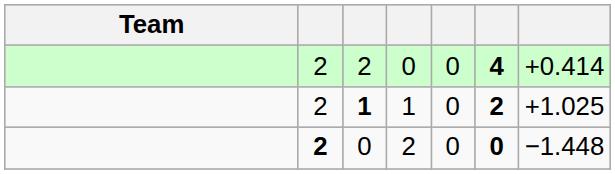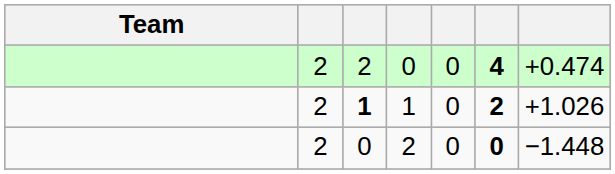 <table class="wikitable" style="text-align:center;">
 <tr>
 <th width=175>Team</th>
 <th style="width:20px;"></th>
 <th style="width:20px;"></th>
 <th style="width:20px;"></th>
 <th style="width:20px;"></th>
 <th style="width:20px;"></th>
 <th style="width:20px;"></th>
 </tr>
 <tr style="background:#cfc">
 <td align=left></td>
 <td>2</td>
 <td>2</td>
 <td>0</td>
 <td>0</td>
 <td><strong>4</strong></td>
-<td>+0.414</td>
+<td>+0.474</td>
 </tr>
 <tr>
 <td align=left></td>
 <td>2</td>
 <td><strong>1</strong></td>
 <td>1</td>
 <td>0</td>
 <td><strong>2</strong></td>
-<td>+1.025</td>
+<td>+1.026</td>
 </tr>
 <tr>
 <td align=left></td>
-<td><strong>2</strong></td>
+<td>2</td>
 <td>0</td>
 <td>2</td>
 <td>0</td>
 <td><strong>0</strong></td>
 <td>−1.448</td>
 </tr>
 </table>
